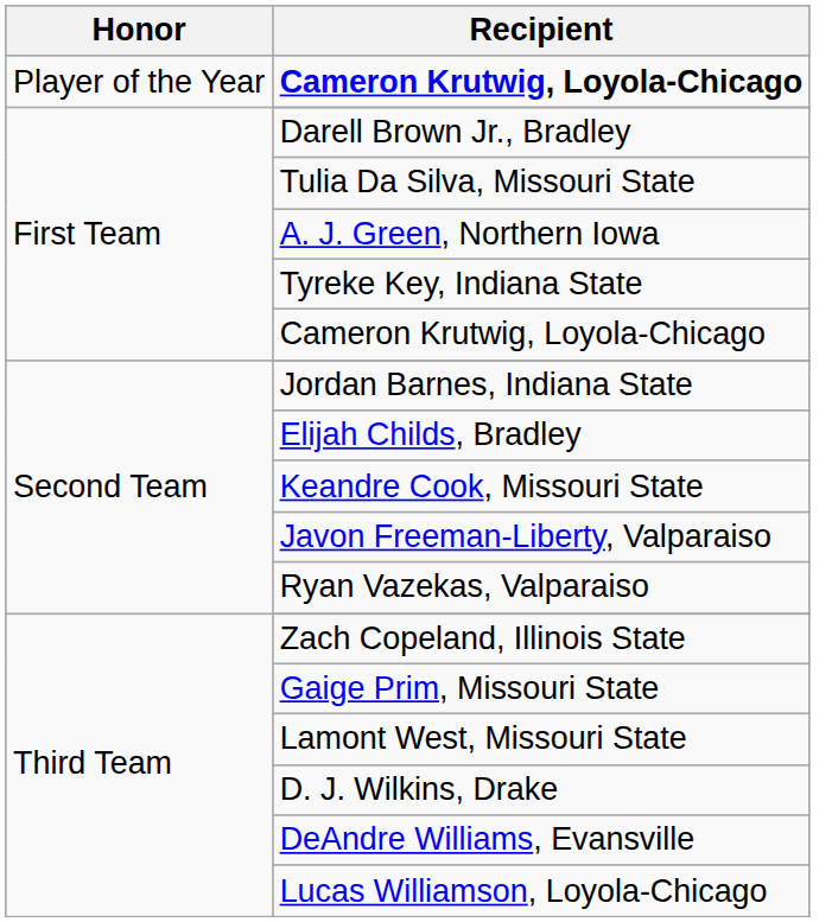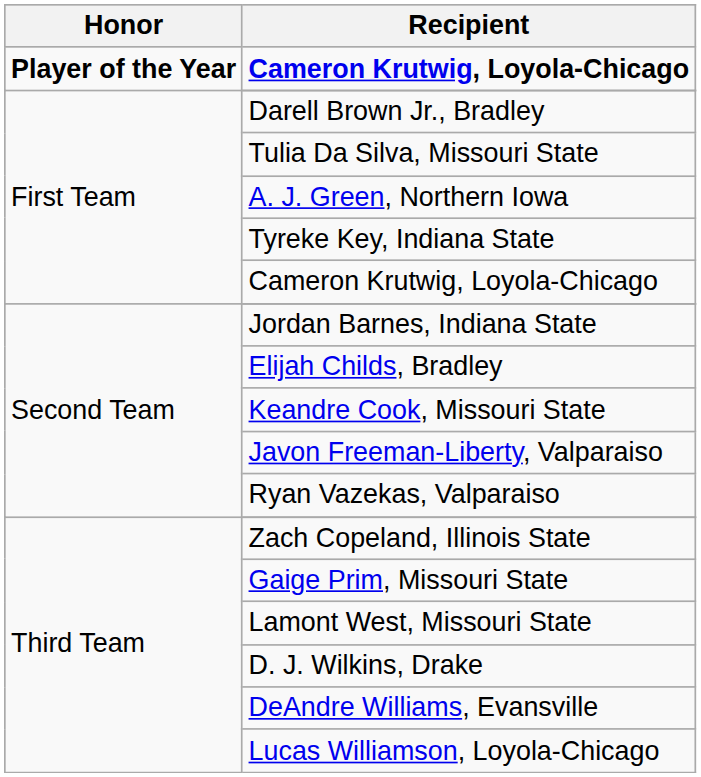 <table class="wikitable" border="1">
 <tr>
 <th>Honor</th>
 <th>Recipient</th>
 </tr>
 <tr>
-<td>Player of the Year</td>
+<td><strong>Player of the Year</strong></td>
 <td><strong><a href='#'>Cameron Krutwig</a>, Loyola-Chicago</strong></td>
 </tr>
 <tr>
 <td rowspan="6" valign="middle">First Team</td>
 </tr>
 <tr>
 <td>Darell Brown Jr., Bradley</td>
 </tr>
 <tr>
 <td>Tulia Da Silva, Missouri State</td>
 </tr>
 <tr>
 <td><a href='#'>A. J. Green</a>, Northern Iowa</td>
 </tr>
 <tr>
 <td>Tyreke Key, Indiana State</td>
 </tr>
 <tr>
 <td>Cameron Krutwig, Loyola-Chicago</td>
 </tr>
 <tr>
 <td rowspan="6" valign="middle">Second Team</td>
 </tr>
 <tr>
 <td>Jordan Barnes, Indiana State</td>
 </tr>
 <tr>
 <td><a href='#'>Elijah Childs</a>, Bradley</td>
 </tr>
 <tr>
 <td><a href='#'>Keandre Cook</a>, Missouri State</td>
 </tr>
 <tr>
 <td><a href='#'>Javon Freeman-Liberty</a>, Valparaiso</td>
 </tr>
 <tr>
 <td>Ryan Vazekas, Valparaiso</td>
 </tr>
 <tr>
 <td rowspan="7" valign="middle">Third Team</td>
 </tr>
 <tr>
 <td>Zach Copeland, Illinois State</td>
 </tr>
 <tr>
 <td><a href='#'>Gaige Prim</a>, Missouri State</td>
 </tr>
 <tr>
 <td>Lamont West, Missouri State</td>
 </tr>
 <tr>
 <td>D. J. Wilkins, Drake</td>
 </tr>
 <tr>
 <td><a href='#'>DeAndre Williams</a>, Evansville</td>
 </tr>
 <tr>
 <td><a href='#'>Lucas Williamson</a>, Loyola-Chicago</td>
 </tr>
 </table>
